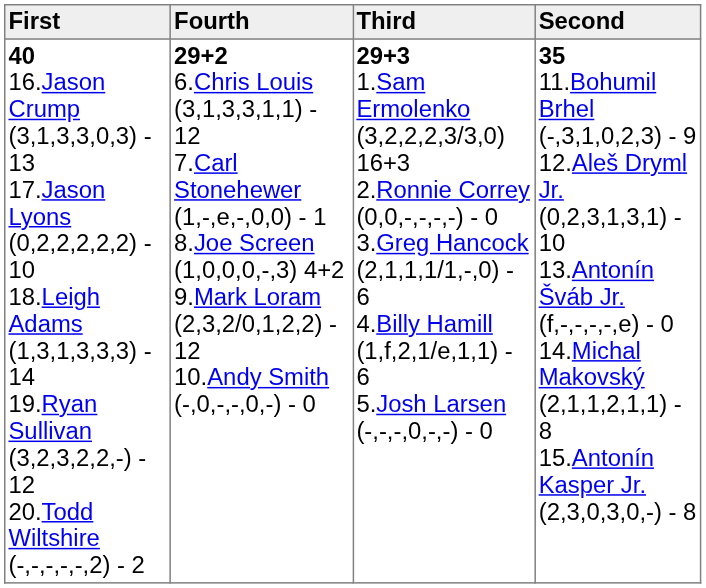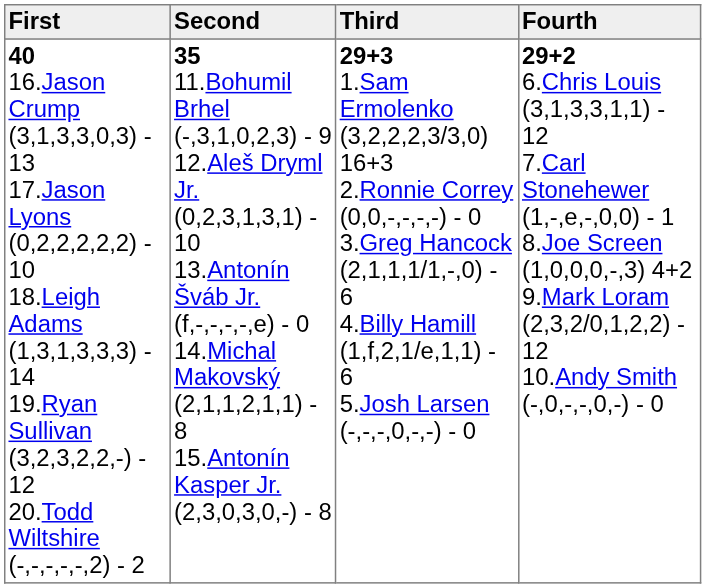 <table border=1 cellpadding=2 cellspacing=0 width=75% style="border-collapse:collapse">
 <tr align=left style="background:#efefef;">
 <th width=20%>First</th>
+<th width=20%>Second</th>
+<th width=20%>Third</th>
 <th width=20%>Fourth</th>
-<th width=20%>Third</th>
-<th width=20%>Second</th>
 </tr>
 <tr align=left>
 <td valign=top><strong> 40</strong><br>16.<a href='#'>Jason Crump</a> (3,1,3,3,0,3) - 13<br>17.<a href='#'>Jason Lyons</a> (0,2,2,2,2,2) - 10<br>18.<a href='#'>Leigh Adams</a> (1,3,1,3,3,3) - 14<br>19.<a href='#'>Ryan Sullivan</a> (3,2,3,2,2,-) - 12<br>20.<a href='#'>Todd Wiltshire</a> (-,-,-,-,-,2) - 2</td>
+<td valign=top><strong> 35</strong><br>11.<a href='#'>Bohumil Brhel</a> (-,3,1,0,2,3) - 9<br>12.<a href='#'>Aleš Dryml Jr.</a> (0,2,3,1,3,1) - 10<br>13.<a href='#'>Antonín Šváb Jr.</a> (f,-,-,-,-,e) - 0<br>14.<a href='#'>Michal Makovský</a> (2,1,1,2,1,1) - 8<br>15.<a href='#'>Antonín Kasper Jr.</a> (2,3,0,3,0,-) - 8</td>
+<td valign=top><strong> 29+3</strong><br>1.<a href='#'>Sam Ermolenko</a> (3,2,2,2,3/3,0) 16+3<br>2.<a href='#'>Ronnie Correy</a> (0,0,-,-,-,-) - 0<br>3.<a href='#'>Greg Hancock</a> (2,1,1,1/1,-,0) - 6<br>4.<a href='#'>Billy Hamill</a> (1,f,2,1/e,1,1) - 6<br>5.<a href='#'>Josh Larsen</a> (-,-,-,0,-,-) - 0</td>
 <td valign=top><strong> 29+2</strong><br>6.<a href='#'>Chris Louis</a> (3,1,3,3,1,1) - 12<br>7.<a href='#'>Carl Stonehewer</a> (1,-,e,-,0,0) - 1<br>8.<a href='#'>Joe Screen</a> (1,0,0,0,-,3) 4+2<br>9.<a href='#'>Mark Loram</a> (2,3,2/0,1,2,2) - 12<br>10.<a href='#'>Andy Smith</a> (-,0,-,-,0,-) - 0</td>
-<td valign=top><strong> 29+3</strong><br>1.<a href='#'>Sam Ermolenko</a> (3,2,2,2,3/3,0) 16+3<br>2.<a href='#'>Ronnie Correy</a> (0,0,-,-,-,-) - 0<br>3.<a href='#'>Greg Hancock</a> (2,1,1,1/1,-,0) - 6<br>4.<a href='#'>Billy Hamill</a> (1,f,2,1/e,1,1) - 6<br>5.<a href='#'>Josh Larsen</a> (-,-,-,0,-,-) - 0</td>
-<td valign=top><strong> 35</strong><br>11.<a href='#'>Bohumil Brhel</a> (-,3,1,0,2,3) - 9<br>12.<a href='#'>Aleš Dryml Jr.</a> (0,2,3,1,3,1) - 10<br>13.<a href='#'>Antonín Šváb Jr.</a> (f,-,-,-,-,e) - 0<br>14.<a href='#'>Michal Makovský</a> (2,1,1,2,1,1) - 8<br>15.<a href='#'>Antonín Kasper Jr.</a> (2,3,0,3,0,-) - 8</td>
 </tr>
 </table>
